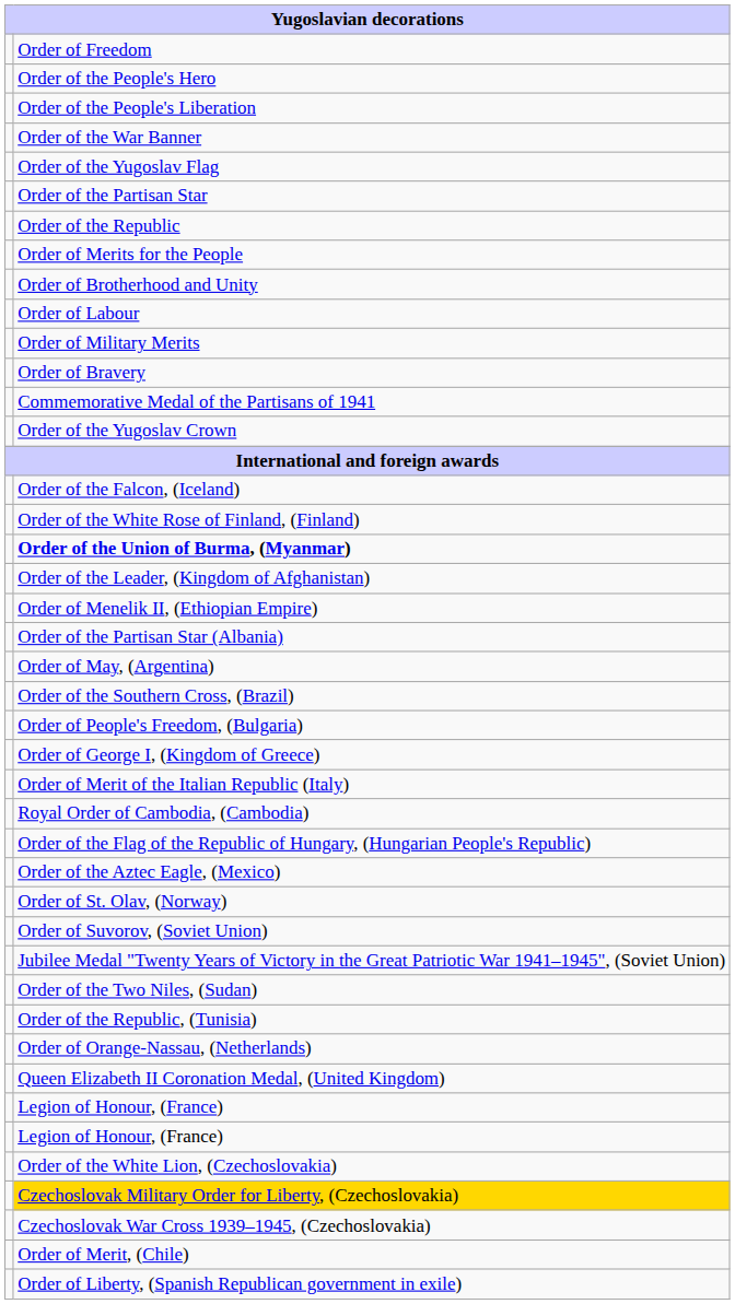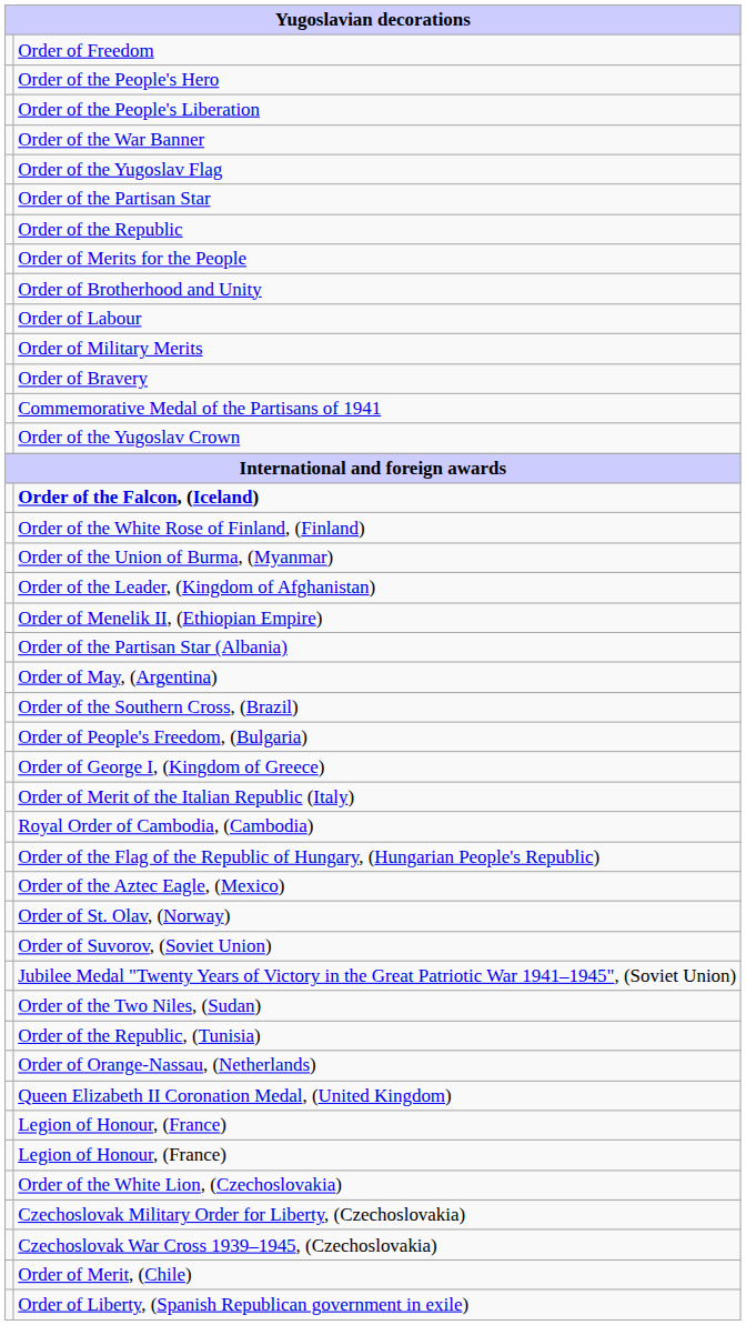 <table class="wikitable">
 <tr style="background:#ccf; text-align:center;">
 <td colspan=2><strong>Yugoslavian decorations</strong></td>
 </tr>
 <tr>
 <td></td>
 <td><a href='#'>Order of Freedom</a></td>
 </tr>
 <tr>
 <td></td>
 <td><a href='#'>Order of the People's Hero</a></td>
 </tr>
 <tr>
 <td></td>
 <td><a href='#'>Order of the People's Liberation</a></td>
 </tr>
 <tr>
 <td></td>
 <td><a href='#'>Order of the War Banner</a></td>
 </tr>
 <tr>
 <td></td>
 <td><a href='#'>Order of the Yugoslav Flag</a></td>
 </tr>
 <tr>
 <td></td>
 <td><a href='#'>Order of the Partisan Star</a></td>
 </tr>
 <tr>
 <td></td>
 <td><a href='#'>Order of the Republic</a></td>
 </tr>
 <tr>
 <td></td>
 <td><a href='#'>Order of Merits for the People</a></td>
 </tr>
 <tr>
 <td></td>
 <td><a href='#'>Order of Brotherhood and Unity</a></td>
 </tr>
 <tr>
 <td></td>
 <td><a href='#'>Order of Labour</a></td>
 </tr>
 <tr>
 <td></td>
 <td><a href='#'>Order of Military Merits</a></td>
 </tr>
 <tr>
 <td></td>
 <td><a href='#'>Order of Bravery</a></td>
 </tr>
 <tr>
 <td></td>
 <td><a href='#'>Commemorative Medal of the Partisans of 1941</a></td>
 </tr>
 <tr>
 <td></td>
 <td><a href='#'>Order of the Yugoslav Crown</a></td>
 </tr>
 <tr>
 </tr>
 <tr style="background:#ccf; text-align:center;">
 <td colspan=2><strong>International and foreign awards</strong></td>
 </tr>
 <tr>
 <td></td>
-<td><a href='#'>Order of the Falcon</a>, (<a href='#'>Iceland</a>)</td>
+<td><strong><a href='#'>Order of the Falcon</a>, (<a href='#'>Iceland</a>)</strong></td>
 </tr>
 <tr>
 <td></td>
 <td><a href='#'>Order of the White Rose of Finland</a>, (<a href='#'>Finland</a>)</td>
 </tr>
 <tr>
 <td></td>
-<td><strong><a href='#'>Order of the Union of Burma</a>, (<a href='#'>Myanmar</a>)</strong></td>
+<td><a href='#'>Order of the Union of Burma</a>, (<a href='#'>Myanmar</a>)</td>
 </tr>
 <tr>
 <td></td>
 <td><a href='#'>Order of the Leader</a>, (<a href='#'>Kingdom of Afghanistan</a>)</td>
 </tr>
 <tr>
 <td></td>
 <td><a href='#'>Order of Menelik II</a>, (<a href='#'>Ethiopian Empire</a>)</td>
 </tr>
 <tr>
 <td></td>
 <td><a href='#'>Order of the Partisan Star (Albania)</a></td>
 </tr>
 <tr>
 <td></td>
 <td><a href='#'>Order of May</a>, (<a href='#'>Argentina</a>)</td>
 </tr>
 <tr>
 <td></td>
 <td><a href='#'>Order of the Southern Cross</a>, (<a href='#'>Brazil</a>)</td>
 </tr>
 <tr>
 <td></td>
 <td><a href='#'>Order of People's Freedom</a>, (<a href='#'>Bulgaria</a>)</td>
 </tr>
 <tr>
 <td></td>
 <td><a href='#'>Order of George I</a>, (<a href='#'>Kingdom of Greece</a>)</td>
 </tr>
 <tr>
 <td></td>
 <td><a href='#'>Order of Merit of the Italian Republic</a> (<a href='#'>Italy</a>)</td>
 </tr>
 <tr>
 <td></td>
 <td><a href='#'>Royal Order of Cambodia</a>, (<a href='#'>Cambodia</a>)</td>
 </tr>
 <tr>
 <td></td>
 <td><a href='#'>Order of the Flag of the Republic of Hungary</a>, (<a href='#'>Hungarian People's Republic</a>)</td>
 </tr>
 <tr>
 <td></td>
 <td><a href='#'>Order of the Aztec Eagle</a>, (<a href='#'>Mexico</a>)</td>
 </tr>
 <tr>
 <td></td>
 <td><a href='#'>Order of St. Olav</a>, (<a href='#'>Norway</a>)</td>
 </tr>
 <tr>
 <td></td>
 <td><a href='#'>Order of Suvorov</a>, (<a href='#'>Soviet Union</a>)</td>
 </tr>
 <tr>
 <td></td>
 <td><a href='#'>Jubilee Medal "Twenty Years of Victory in the Great Patriotic War 1941–1945"</a>, (Soviet Union)</td>
 </tr>
 <tr>
 <td></td>
 <td><a href='#'>Order of the Two Niles</a>, (<a href='#'>Sudan</a>)</td>
 </tr>
 <tr>
 <td></td>
 <td><a href='#'>Order of the Republic</a>, (<a href='#'>Tunisia</a>)</td>
 </tr>
 <tr>
 <td></td>
 <td><a href='#'>Order of Orange-Nassau</a>, (<a href='#'>Netherlands</a>)</td>
 </tr>
 <tr>
 <td></td>
 <td><a href='#'>Queen Elizabeth II Coronation Medal</a>, (<a href='#'>United Kingdom</a>)</td>
 </tr>
 <tr>
 <td></td>
 <td><a href='#'>Legion of Honour</a>, (<a href='#'>France</a>)</td>
 </tr>
 <tr>
 <td></td>
 <td><a href='#'>Legion of Honour</a>, (France)</td>
 </tr>
 <tr>
 <td></td>
 <td><a href='#'>Order of the White Lion</a>, (<a href='#'>Czechoslovakia</a>)</td>
 </tr>
 <tr>
 <td></td>
-<td style="background: gold;"><a href='#'>Czechoslovak Military Order for Liberty</a>, (Czechoslovakia)</td>
+<td><a href='#'>Czechoslovak Military Order for Liberty</a>, (Czechoslovakia)</td>
 </tr>
 <tr>
 <td></td>
 <td><a href='#'>Czechoslovak War Cross 1939–1945</a>, (Czechoslovakia)</td>
 </tr>
 <tr>
 <td></td>
 <td><a href='#'>Order of Merit</a>, (<a href='#'>Chile</a>)</td>
 </tr>
 <tr>
 <td></td>
 <td><a href='#'>Order of Liberty</a>, (<a href='#'>Spanish Republican government in exile</a>)</td>
 </tr>
 </table>
